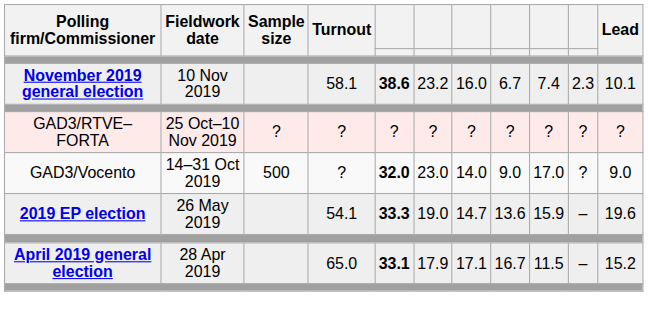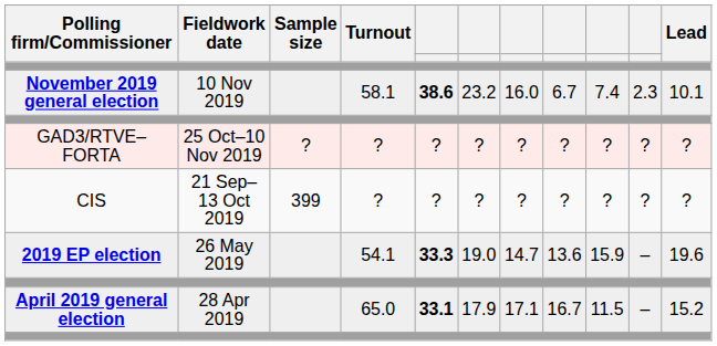 <table class="wikitable collapsible collapsed" style="text-align:center; font-size:95%; line-height:16px;">
 <tr style="height:42px;">
 <th style="width:250px;" rowspan="2">Polling firm/Commissioner</th>
 <th style="width:125px;" rowspan="2">Fieldwork date</th>
 <th style="width:50px;" rowspan="2">Sample size</th>
 <th style="width:45px;" rowspan="2">Turnout</th>
 <th style="width:35px;"></th>
 <th style="width:35px;"></th>
 <th style="width:35px;"></th>
 <th style="width:35px;"></th>
 <th style="width:35px;"></th>
 <th style="width:35px;"></th>
 <th style="width:30px;" rowspan="2">Lead</th>
 </tr>
 <tr>
 <th style="color:inherit;background:"></th>
 <th style="color:inherit;background:"></th>
 <th style="color:inherit;background:"></th>
 <th style="color:inherit;background:"></th>
 <th style="color:inherit;background:"></th>
 <th style="color:inherit;background:"></th>
 </tr>
 <tr>
 <td colspan="11" style="background:#A0A0A0"></td>
 </tr>
 <tr style="background:#EFEFEF;">
 <td><strong><a href='#'>November 2019 general election</a></strong></td>
 <td>10 Nov 2019</td>
 <td></td>
 <td>58.1</td>
 <td><strong>38.6</strong><br></td>
 <td>23.2<br></td>
 <td>16.0<br></td>
 <td>6.7<br></td>
 <td>7.4<br></td>
 <td>2.3<br></td>
 <td style="background:">10.1</td>
 </tr>
 <tr>
 <td colspan="11" style="background:#A0A0A0"></td>
 </tr>
 <tr style="background:#FFEAEA;">
 <td>GAD3/RTVE–FORTA</td>
 <td>25 Oct–10 Nov 2019</td>
 <td>?</td>
 <td>?</td>
 <td>?<br></td>
 <td>?<br></td>
 <td>?<br></td>
 <td>?<br></td>
 <td>?<br></td>
 <td>?<br></td>
 <td style="background:">?</td>
 </tr>
 <tr>
-<td>GAD3/Vocento</td>
-<td>14–31 Oct 2019</td>
-<td>500</td>
+<td>CIS</td>
+<td>21 Sep–13 Oct 2019</td>
+<td>399</td>
 <td>?</td>
-<td><strong>32.0</strong><br></td>
-<td>23.0<br></td>
-<td>14.0<br></td>
-<td>9.0<br></td>
-<td>17.0<br></td>
 <td>?<br></td>
-<td style="background:">9.0</td>
+<td>?<br></td>
+<td>?<br></td>
+<td>?<br></td>
+<td>?<br></td>
+<td>?<br></td>
+<td style="background:">?</td>
 </tr>
 <tr style="background:#EFEFEF;">
 <td><strong><a href='#'>2019 EP election</a></strong></td>
 <td>26 May 2019</td>
 <td></td>
 <td>54.1</td>
 <td><strong>33.3</strong><br></td>
 <td>19.0<br></td>
 <td>14.7<br></td>
 <td>13.6<br></td>
 <td>15.9<br></td>
 <td>–</td>
 <td style="background:">19.6</td>
 </tr>
 <tr>
 <td colspan="11" style="background:#A0A0A0"></td>
 </tr>
 <tr style="background:#EFEFEF;">
 <td><strong><a href='#'>April 2019 general election</a></strong></td>
 <td>28 Apr 2019</td>
 <td></td>
 <td>65.0</td>
 <td><strong>33.1</strong><br></td>
 <td>17.9<br></td>
 <td>17.1<br></td>
 <td>16.7<br></td>
 <td>11.5<br></td>
 <td>–</td>
 <td style="background:">15.2</td>
 </tr>
 <tr>
 <td colspan="11" style="background:#A0A0A0"></td>
 </tr>
 </table>
